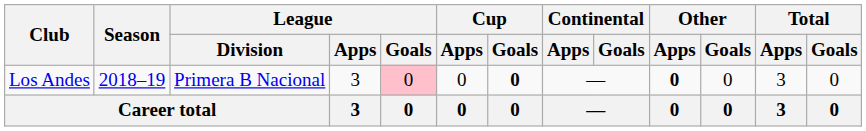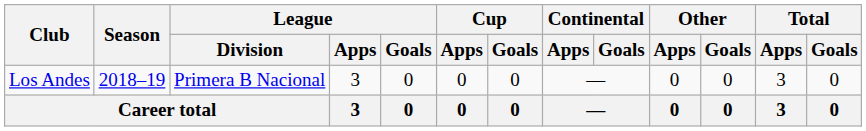 <table class="wikitable" style="text-align:center">
 <tr>
 <th rowspan="2">Club</th>
 <th rowspan="2">Season</th>
 <th colspan="3">League</th>
 <th colspan="2">Cup</th>
 <th colspan="2">Continental</th>
 <th colspan="2">Other</th>
 <th colspan="2">Total</th>
 </tr>
 <tr>
 <th>Division</th>
 <th>Apps</th>
 <th>Goals</th>
 <th>Apps</th>
 <th>Goals</th>
 <th>Apps</th>
 <th>Goals</th>
 <th>Apps</th>
 <th>Goals</th>
 <th>Apps</th>
 <th>Goals</th>
 </tr>
 <tr>
 <td rowspan="1"><a href='#'>Los Andes</a></td>
 <td><a href='#'>2018–19</a></td>
 <td rowspan="1"><a href='#'>Primera B Nacional</a></td>
 <td>3</td>
-<td style="background: pink;">0</td>
 <td>0</td>
-<td><strong>0</strong></td>
+<td>0</td>
+<td>0</td>
 <td colspan="2">—</td>
-<td><strong>0</strong></td>
+<td>0</td>
 <td>0</td>
 <td>3</td>
 <td>0</td>
 </tr>
 <tr>
 <th colspan="3">Career total</th>
 <th>3</th>
 <th>0</th>
 <th>0</th>
 <th>0</th>
 <th colspan="2">—</th>
 <th>0</th>
 <th>0</th>
 <th>3</th>
 <th>0</th>
 </tr>
 </table>
